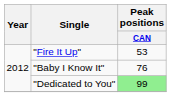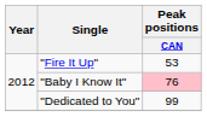 <table class="wikitable" style="text-align:center;">
 <tr>
 <th rowspan="2">Year</th>
 <th rowspan="2">Single</th>
 <th>Peak positions</th>
 </tr>
 <tr style="font-size:smaller;">
 <th width="65"><a href='#'>CAN</a></th>
 </tr>
 <tr>
 <td rowspan="3">2012</td>
 <td align="left">"<a href='#'>Fire It Up</a>"</td>
 <td>53</td>
 </tr>
 <tr>
 <td align="left">"Baby I Know It"</td>
-<td>76</td>
+<td style="background: pink;">76</td>
 </tr>
 <tr>
 <td align="left">"Dedicated to You"</td>
-<td style="background: lightgreen;">99</td>
+<td>99</td>
 </tr>
 <tr>
 </tr>
 </table>
